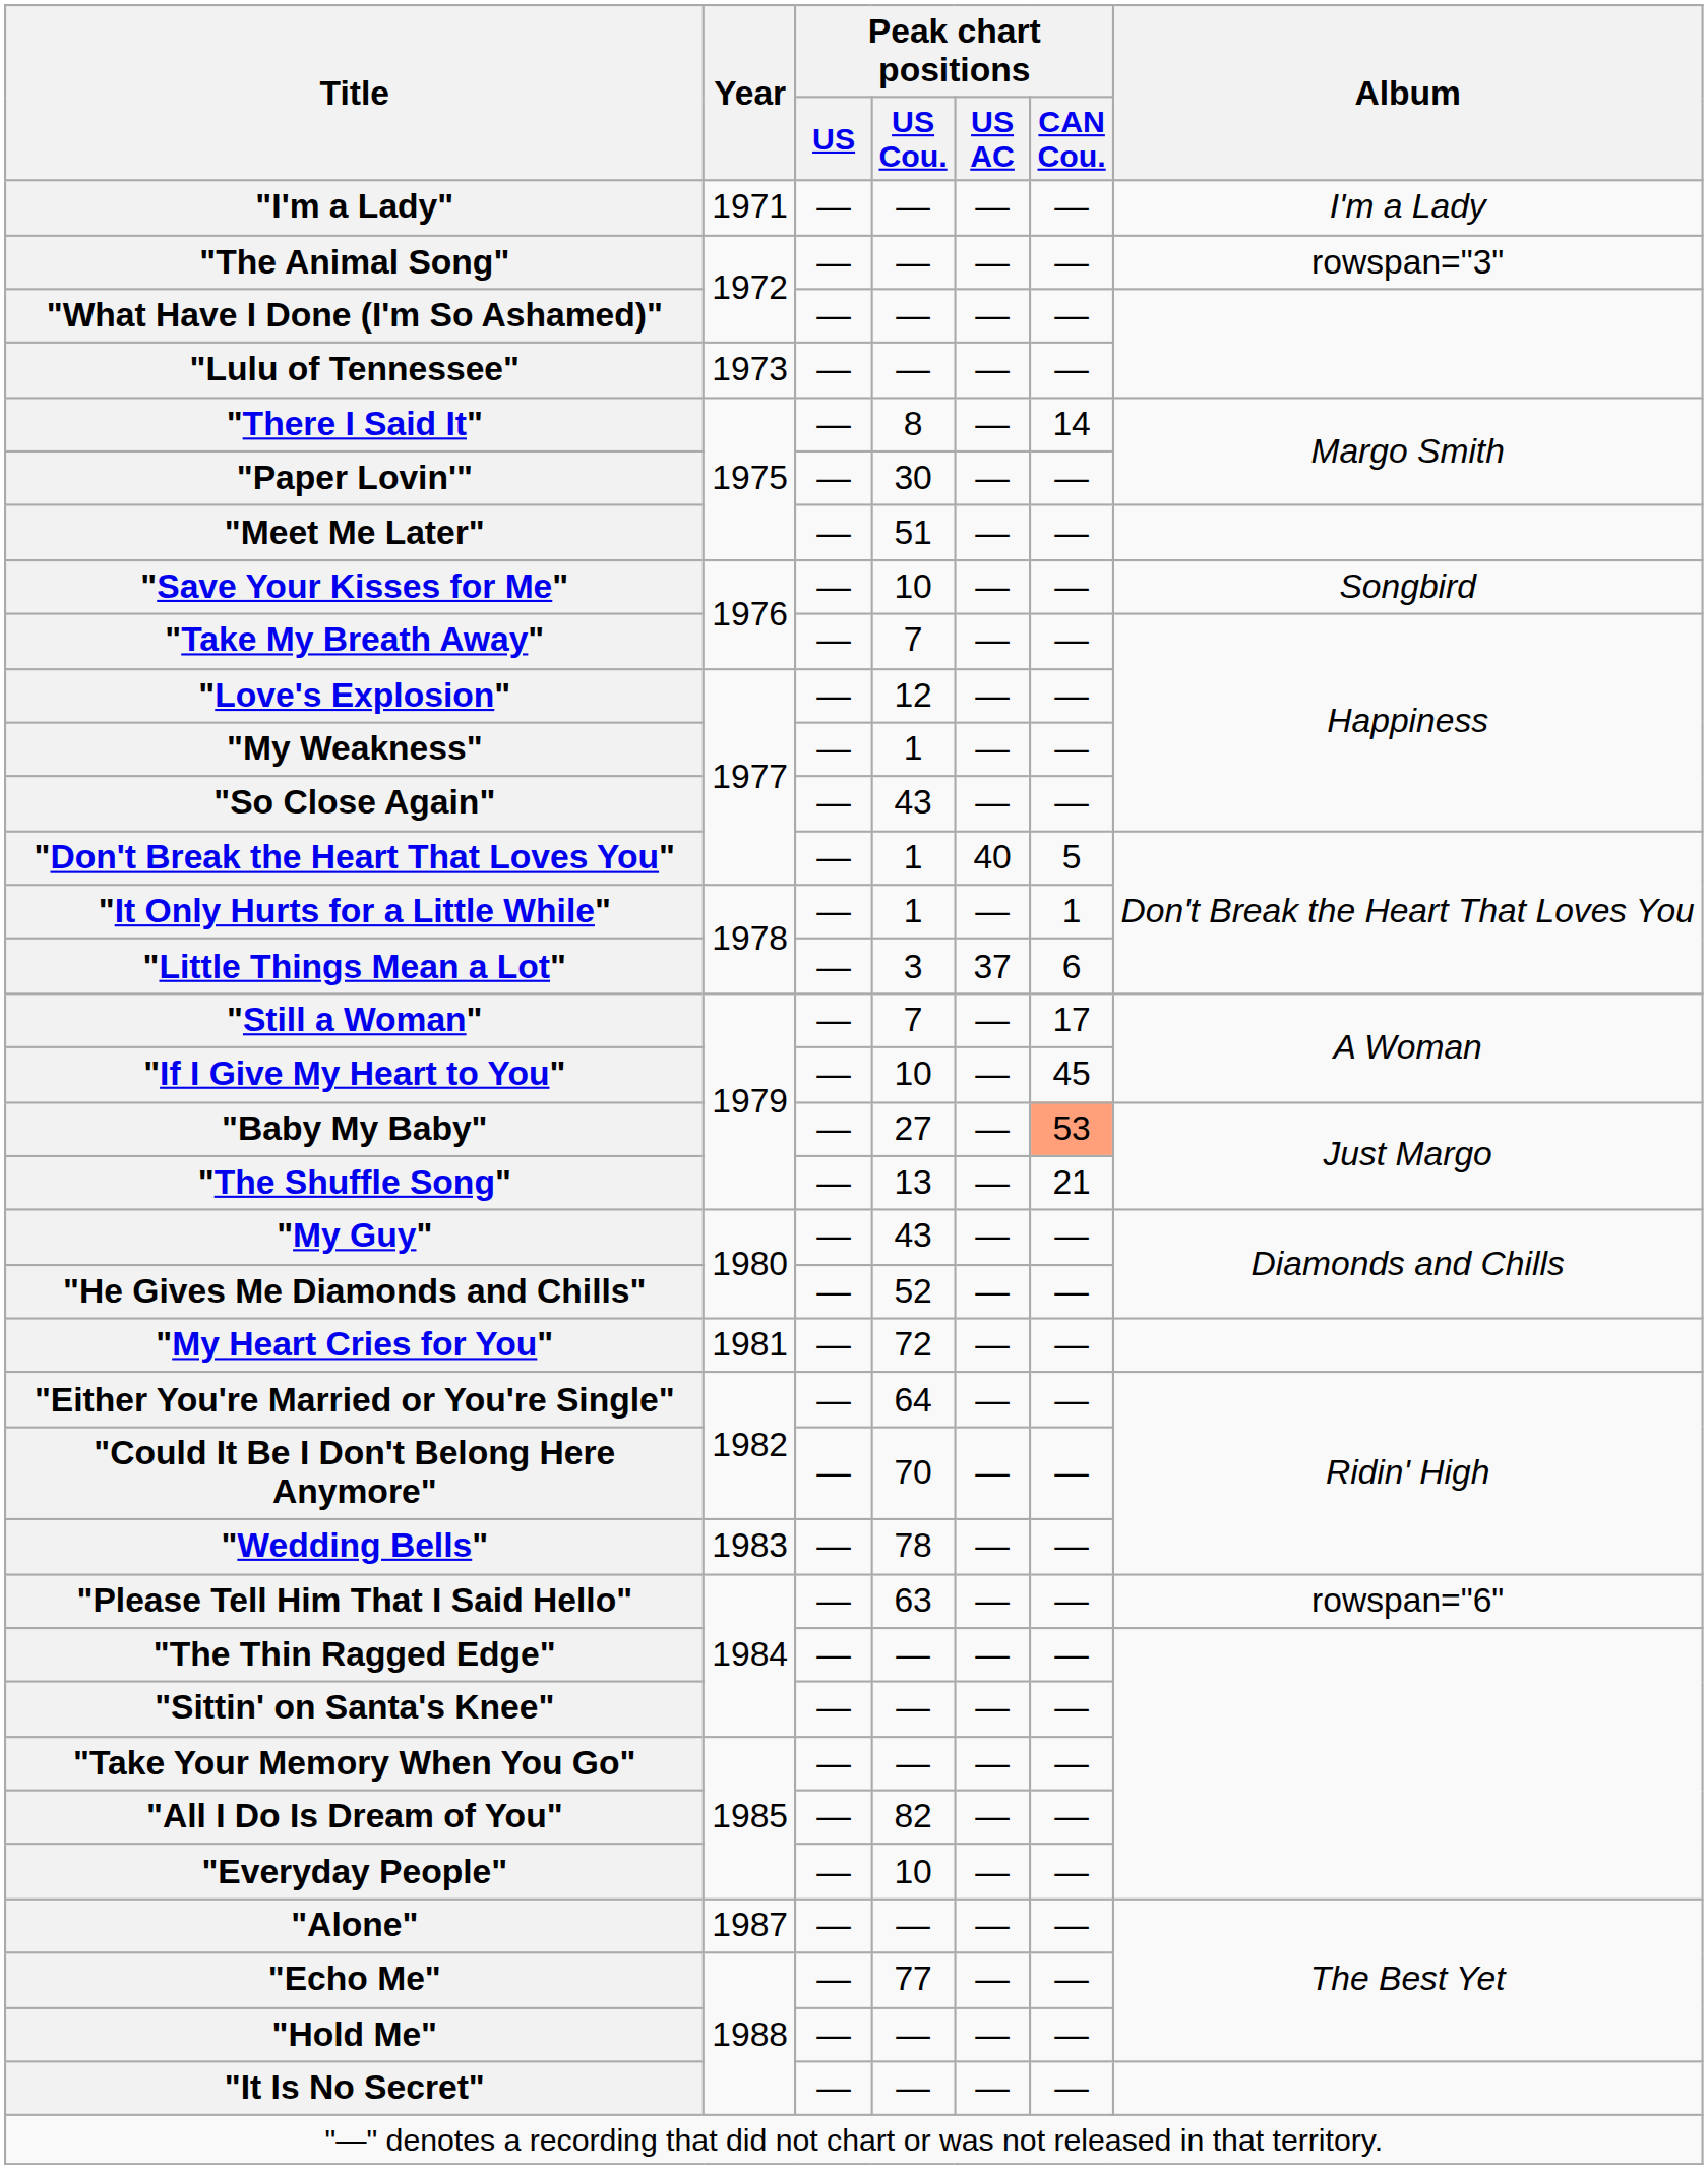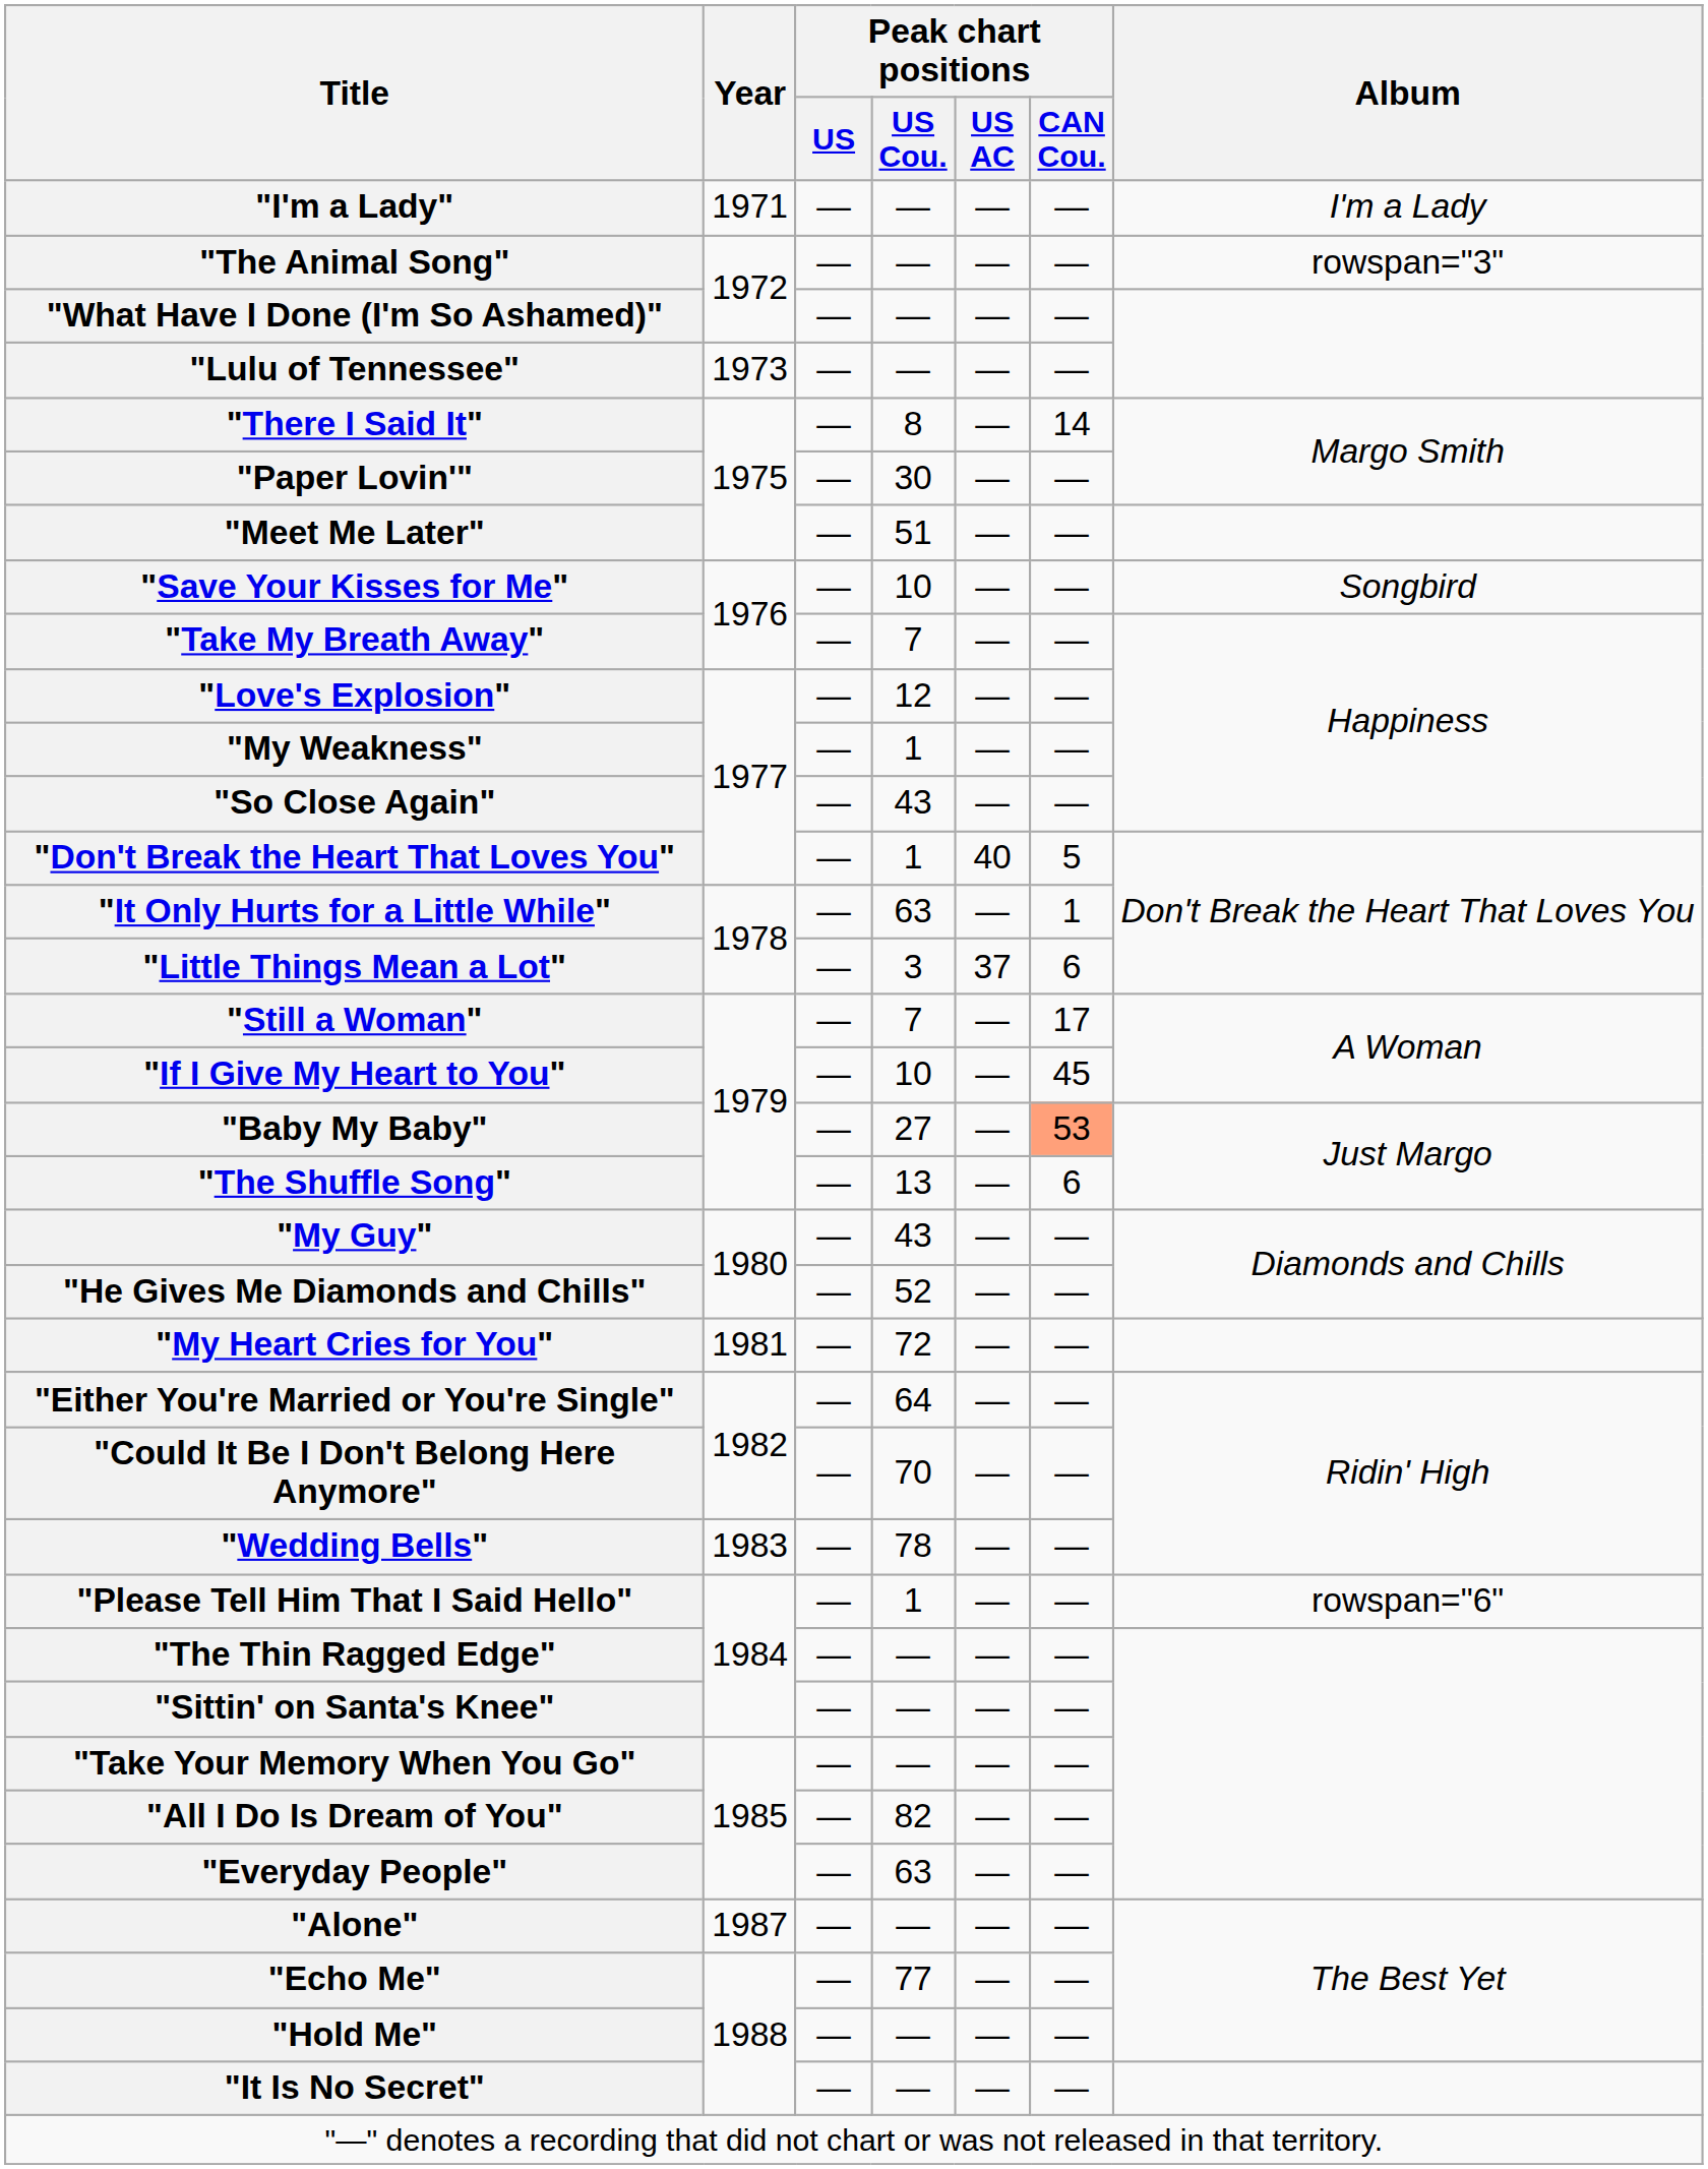 <table class="wikitable plainrowheaders" style="text-align:center;" border="1">
 <tr>
 <th scope="col" rowspan="2" style="width:20em;">Title</th>
 <th scope="col" rowspan="2">Year</th>
 <th scope="col" colspan="4">Peak chart positions</th>
 <th scope="col" rowspan="2">Album</th>
 </tr>
 <tr>
 <th scope="col" style="width:2em;font-size:90%;"><a href='#'>US</a><br></th>
 <th scope="col" style="width:2em;font-size:90%;"><a href='#'>US<br>Cou.</a><br></th>
 <th scope="col" style="width:2em;font-size:90%;"><a href='#'>US<br>AC</a><br></th>
 <th scope="col" style="width:2em;font-size:90%;"><a href='#'>CAN<br>Cou.</a><br></th>
 </tr>
 <tr>
 <th scope="row">"I'm a Lady"</th>
 <td>1971</td>
 <td>—</td>
 <td>—</td>
 <td>—</td>
 <td>—</td>
 <td><em>I'm a Lady</em></td>
 </tr>
 <tr>
 <th scope="row">"The Animal Song"</th>
 <td rowspan="2">1972</td>
 <td>—</td>
 <td>—</td>
 <td>—</td>
 <td>—</td>
 <td>rowspan="3" </td>
 </tr>
 <tr>
 <th scope="row">"What Have I Done (I'm So Ashamed)"</th>
 <td>—</td>
 <td>—</td>
 <td>—</td>
 <td>—</td>
 </tr>
 <tr>
 <th scope="row">"Lulu of Tennessee"</th>
 <td>1973</td>
 <td>—</td>
 <td>—</td>
 <td>—</td>
 <td>—</td>
 </tr>
 <tr>
 <th scope="row">"<a href='#'>There I Said It</a>"</th>
 <td rowspan="3">1975</td>
 <td>—</td>
 <td>8</td>
 <td>—</td>
 <td>14</td>
 <td rowspan="2"><em>Margo Smith</em></td>
 </tr>
 <tr>
 <th scope="row">"Paper Lovin'"</th>
 <td>—</td>
 <td>30</td>
 <td>—</td>
 <td>—</td>
 </tr>
 <tr>
 <th scope="row">"Meet Me Later"</th>
 <td>—</td>
 <td>51</td>
 <td>—</td>
 <td>—</td>
 <td></td>
 </tr>
 <tr>
 <th scope="row">"<a href='#'>Save Your Kisses for Me</a>"</th>
 <td rowspan="2">1976</td>
 <td>—</td>
 <td>10</td>
 <td>—</td>
 <td>—</td>
 <td><em>Songbird</em></td>
 </tr>
 <tr>
 <th scope="row">"<a href='#'>Take My Breath Away</a>"</th>
 <td>—</td>
 <td>7</td>
 <td>—</td>
 <td>—</td>
 <td rowspan="4"><em>Happiness</em></td>
 </tr>
 <tr>
 <th scope="row">"<a href='#'>Love's Explosion</a>"</th>
 <td rowspan="4">1977</td>
 <td>—</td>
 <td>12</td>
 <td>—</td>
 <td>—</td>
 </tr>
 <tr>
 <th scope="row">"My Weakness"</th>
 <td>—</td>
 <td>1</td>
 <td>—</td>
 <td>—</td>
 </tr>
 <tr>
 <th scope="row">"So Close Again" </th>
 <td>—</td>
 <td>43</td>
 <td>—</td>
 <td>—</td>
 </tr>
 <tr>
 <th scope="row">"<a href='#'>Don't Break the Heart That Loves You</a>"</th>
 <td>—</td>
 <td>1</td>
 <td>40</td>
 <td>5</td>
 <td rowspan="3"><em>Don't Break the Heart That Loves You</em></td>
 </tr>
 <tr>
 <th scope="row">"<a href='#'>It Only Hurts for a Little While</a>"</th>
 <td rowspan="2">1978</td>
 <td>—</td>
-<td>1</td>
+<td>63</td>
 <td>—</td>
 <td>1</td>
 </tr>
 <tr>
 <th scope="row">"<a href='#'>Little Things Mean a Lot</a>"</th>
 <td>—</td>
 <td>3</td>
 <td>37</td>
 <td>6</td>
 </tr>
 <tr>
 <th scope="row">"<a href='#'>Still a Woman</a>"</th>
 <td rowspan="4">1979</td>
 <td>—</td>
 <td>7</td>
 <td>—</td>
 <td>17</td>
 <td rowspan="2"><em>A Woman</em></td>
 </tr>
 <tr>
 <th scope="row">"<a href='#'>If I Give My Heart to You</a>"</th>
 <td>—</td>
 <td>10</td>
 <td>—</td>
 <td>45</td>
 </tr>
 <tr>
 <th scope="row">"Baby My Baby"</th>
 <td>—</td>
 <td>27</td>
 <td>—</td>
 <td style="background: lightsalmon;">53</td>
 <td rowspan="2"><em>Just Margo</em></td>
 </tr>
 <tr>
 <th scope="row">"<a href='#'>The Shuffle Song</a>"</th>
 <td>—</td>
 <td>13</td>
 <td>—</td>
-<td>21</td>
+<td>6</td>
 </tr>
 <tr>
 <th scope="row">"<a href='#'>My Guy</a>"</th>
 <td rowspan="2">1980</td>
 <td>—</td>
 <td>43</td>
 <td>—</td>
 <td>—</td>
 <td rowspan="2"><em>Diamonds and Chills</em></td>
 </tr>
 <tr>
 <th scope="row">"He Gives Me Diamonds and Chills"</th>
 <td>—</td>
 <td>52</td>
 <td>—</td>
 <td>—</td>
 </tr>
 <tr>
 <th scope="row">"<a href='#'>My Heart Cries for You</a>"</th>
 <td>1981</td>
 <td>—</td>
 <td>72</td>
 <td>—</td>
 <td>—</td>
 <td></td>
 </tr>
 <tr>
 <th scope="row">"Either You're Married or You're Single"</th>
 <td rowspan="2">1982</td>
 <td>—</td>
 <td>64</td>
 <td>—</td>
 <td>—</td>
 <td rowspan="3"><em>Ridin' High</em></td>
 </tr>
 <tr>
 <th scope="row">"Could It Be I Don't Belong Here Anymore"</th>
 <td>—</td>
 <td>70</td>
 <td>—</td>
 <td>—</td>
 </tr>
 <tr>
 <th scope="row">"<a href='#'>Wedding Bells</a>"</th>
 <td>1983</td>
 <td>—</td>
 <td>78</td>
 <td>—</td>
 <td>—</td>
 </tr>
 <tr>
 <th scope="row">"Please Tell Him That I Said Hello"</th>
 <td rowspan="3">1984</td>
 <td>—</td>
-<td>63</td>
+<td>1</td>
 <td>—</td>
 <td>—</td>
 <td>rowspan="6" </td>
 </tr>
 <tr>
 <th scope="row">"The Thin Ragged Edge"</th>
 <td>—</td>
 <td>—</td>
 <td>—</td>
 <td>—</td>
 </tr>
 <tr>
 <th scope="row">"Sittin' on Santa's Knee"</th>
 <td>—</td>
 <td>—</td>
 <td>—</td>
 <td>—</td>
 </tr>
 <tr>
 <th scope="row">"Take Your Memory When You Go"</th>
 <td rowspan="3">1985</td>
 <td>—</td>
 <td>—</td>
 <td>—</td>
 <td>—</td>
 </tr>
 <tr>
 <th scope="row">"All I Do Is Dream of You"</th>
 <td>—</td>
 <td>82</td>
 <td>—</td>
 <td>—</td>
 </tr>
 <tr>
 <th scope="row">"Everyday People" </th>
 <td>—</td>
-<td>10</td>
+<td>63</td>
 <td>—</td>
 <td>—</td>
 </tr>
 <tr>
 <th scope="row">"Alone"</th>
 <td>1987</td>
 <td>—</td>
 <td>—</td>
 <td>—</td>
 <td>—</td>
 <td rowspan="3"><em>The Best Yet</em></td>
 </tr>
 <tr>
 <th scope="row">"Echo Me"</th>
 <td rowspan="3">1988</td>
 <td>—</td>
 <td>77</td>
 <td>—</td>
 <td>—</td>
 </tr>
 <tr>
 <th scope="row">"Hold Me"</th>
 <td>—</td>
 <td>—</td>
 <td>—</td>
 <td>—</td>
 </tr>
 <tr>
 <th scope="row">"It Is No Secret"</th>
 <td>—</td>
 <td>—</td>
 <td>—</td>
 <td>—</td>
 <td></td>
 </tr>
 <tr>
 <td colspan="7" style="font-size:90%">"—" denotes a recording that did not chart or was not released in that territory.</td>
 </tr>
 </table>
